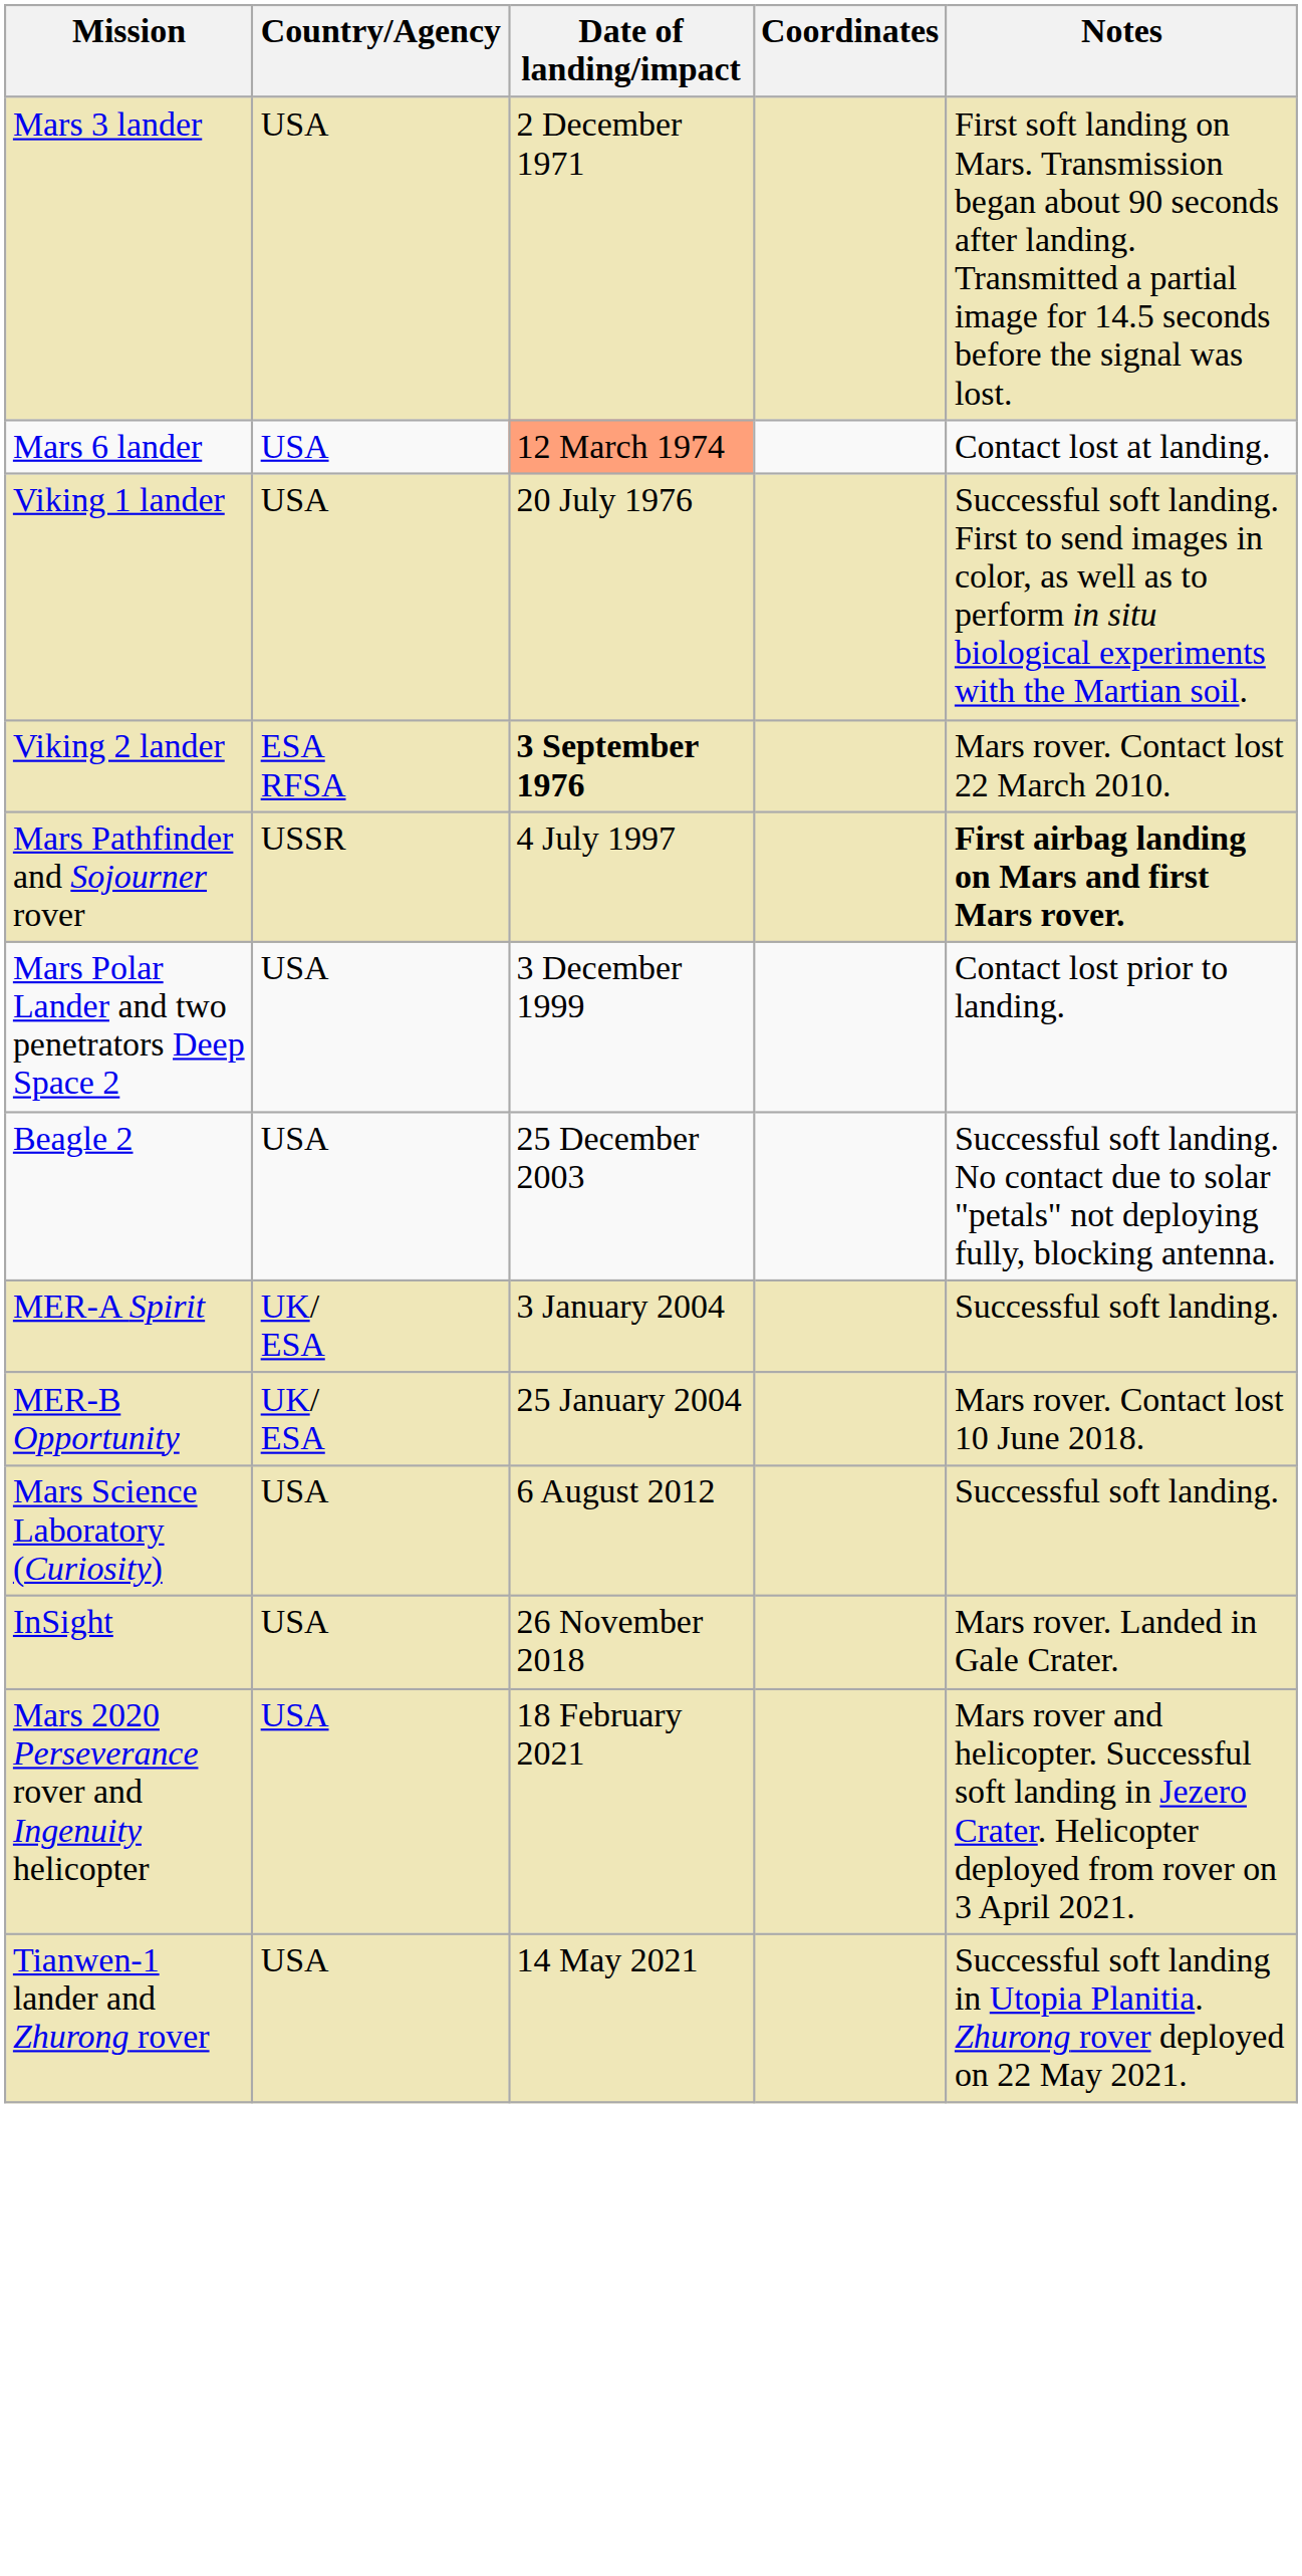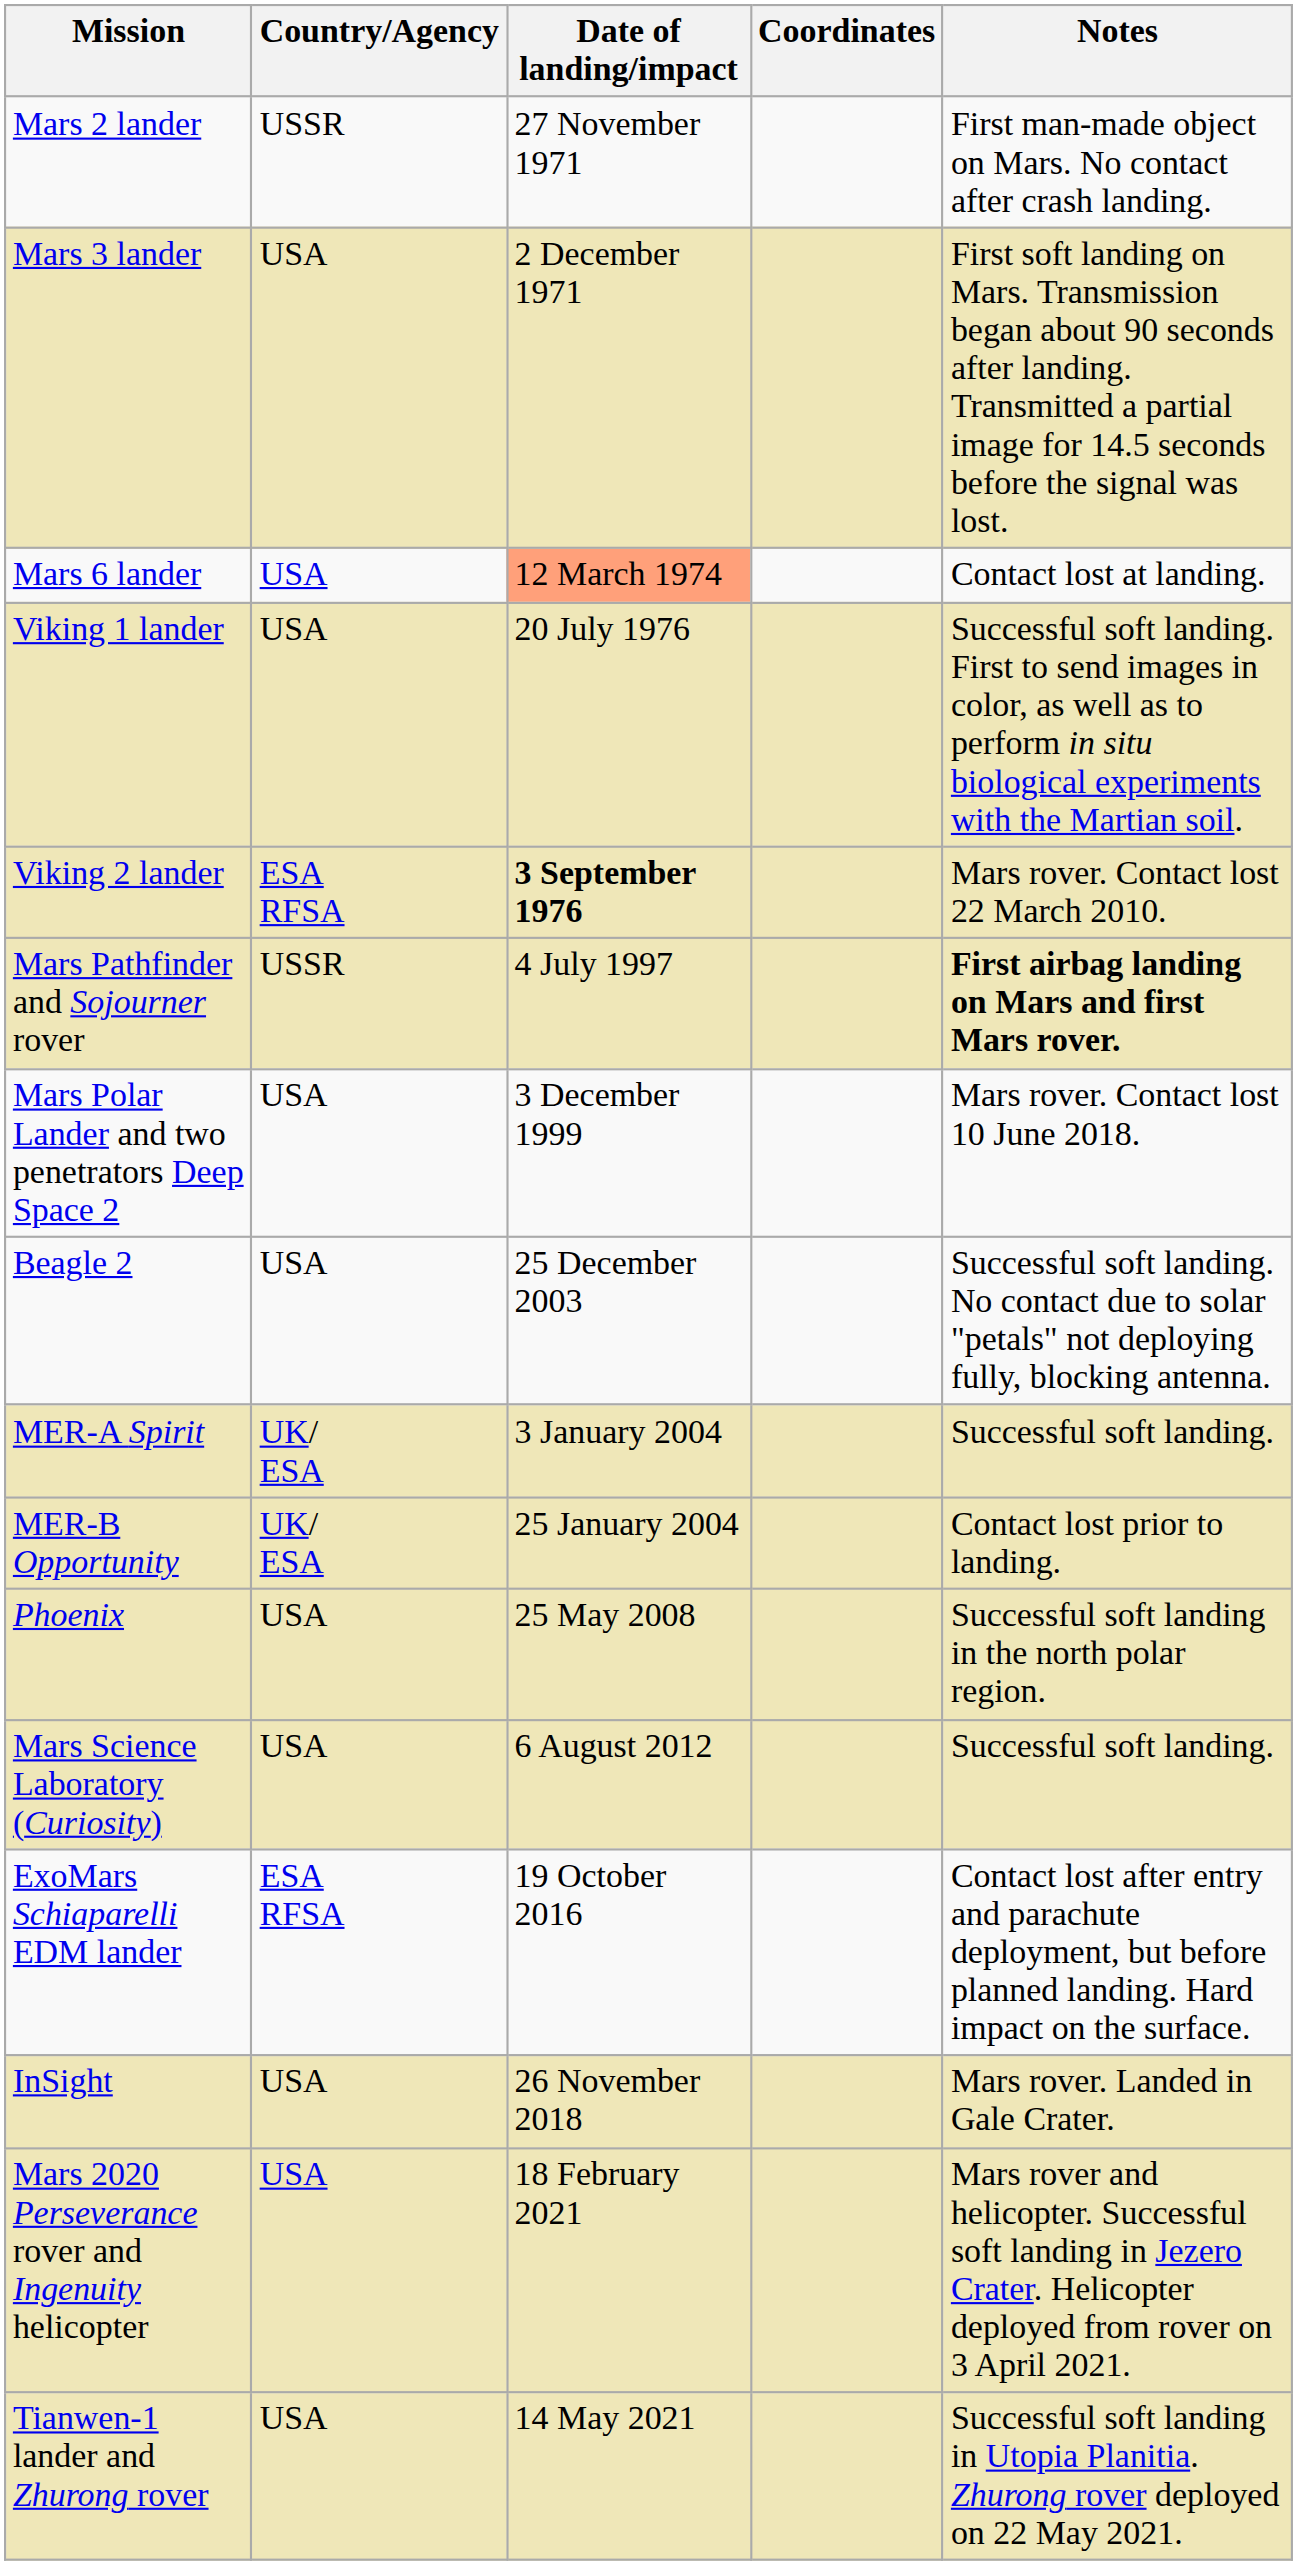 <table class="wikitable sortable sticky-header">
 <tr valign="top">
 <th>Mission</th>
 <th>Country/Agency</th>
 <th>Date of landing/impact</th>
 <th>Coordinates</th>
 <th>Notes</th>
+</tr>
+<tr valign="top">
+<td><a href='#'> Mars 2 lander</a></td>
+<td> USSR</td>
+<td>27 November 1971</td>
+<td></td>
+<td>First man-made object on Mars. No contact after crash landing.</td>
 </tr>
 <tr valign="top" style="background:#EFE7B8">
 <td><a href='#'> Mars 3 lander</a></td>
 <td> USA</td>
 <td>2 December 1971</td>
 <td></td>
 <td>First soft landing on Mars. Transmission began about 90 seconds after landing. Transmitted a partial image for 14.5 seconds before the signal was lost. </td>
 </tr>
 <tr valign="top">
 <td><a href='#'> Mars 6 lander</a></td>
 <td> <a href='#'>USA</a></td>
 <td style="background: lightsalmon;">12 March 1974</td>
 <td></td>
 <td>Contact lost at landing.</td>
 </tr>
 <tr valign="top" style="background:#EFE7B8">
 <td><a href='#'> Viking 1 lander</a></td>
 <td> USA</td>
 <td>20 July 1976</td>
 <td></td>
 <td>Successful soft landing. First to send images in color, as well as to perform <em>in situ</em> <a href='#'>biological experiments with the Martian soil</a>.</td>
 </tr>
 <tr valign="top" style="background:#EFE7B8">
 <td><a href='#'> Viking 2 lander</a></td>
 <td> <a href='#'>ESA</a> <br>  <a href='#'>RFSA</a></td>
 <td><strong>3 September 1976</strong></td>
 <td></td>
 <td>Mars rover. Contact lost 22 March 2010.</td>
 </tr>
 <tr valign="top" style="background:#EFE7B8">
 <td><a href='#'>Mars Pathfinder</a> and <em><a href='#'>Sojourner</a></em> rover</td>
 <td> USSR</td>
 <td>4 July 1997</td>
 <td></td>
 <td><strong>First airbag landing on Mars and first Mars rover.</strong></td>
 </tr>
 <tr valign="top">
 <td><a href='#'>Mars Polar Lander</a> and two penetrators <a href='#'>Deep Space 2</a></td>
 <td> USA</td>
 <td>3 December 1999</td>
 <td><br></td>
-<td>Contact lost prior to landing.</td>
+<td>Mars rover. Contact lost 10 June 2018.</td>
 </tr>
 <tr valign="top">
 <td><a href='#'>Beagle 2</a></td>
 <td> USA</td>
 <td>25 December 2003</td>
 <td></td>
 <td>Successful soft landing. No contact due to solar "petals" not deploying fully, blocking antenna.</td>
 </tr>
 <tr valign="top" style="background:#EFE7B8">
 <td><a href='#'>MER-A <em>Spirit</em></a></td>
 <td> <a href='#'>UK</a>/<br>  <a href='#'>ESA</a></td>
 <td>3 January 2004</td>
 <td></td>
 <td>Successful soft landing.</td>
 </tr>
 <tr valign="top" style="background:#EFE7B8">
 <td><a href='#'>MER-B <em>Opportunity</em></a></td>
 <td> <a href='#'>UK</a>/<br>  <a href='#'>ESA</a></td>
 <td>25 January 2004</td>
 <td></td>
-<td>Mars rover. Contact lost 10 June 2018.</td>
+<td>Contact lost prior to landing.</td>
+</tr>
+<tr valign="top" style="background:#EFE7B8">
+<td><em><a href='#'>Phoenix</a></em></td>
+<td> USA</td>
+<td>25 May 2008</td>
+<td></td>
+<td>Successful soft landing in the north polar region.</td>
 </tr>
 <tr valign="top" style="background:#EFE7B8">
 <td><a href='#'>Mars Science Laboratory (<em>Curiosity</em>)</a></td>
 <td> USA</td>
 <td>6 August 2012</td>
 <td></td>
 <td>Successful soft landing.</td>
+</tr>
+<tr valign="top">
+<td><a href='#'>ExoMars</a> <a href='#'><em>Schiaparelli</em> EDM lander</a></td>
+<td> <a href='#'>ESA</a> <br>  <a href='#'>RFSA</a></td>
+<td>19 October 2016</td>
+<td></td>
+<td>Contact lost after entry and parachute deployment, but before planned landing. Hard impact on the surface.</td>
 </tr>
 <tr valign="top" style="background:#EFE7B8">
 <td><a href='#'>InSight</a></td>
 <td> USA</td>
 <td>26 November 2018</td>
 <td></td>
 <td>Mars rover. Landed in Gale Crater.</td>
 </tr>
 <tr valign="top" style="background:#EFE7B8">
 <td><a href='#'>Mars 2020</a> <em><a href='#'>Perseverance</a></em> rover and <em><a href='#'>Ingenuity</a></em> helicopter</td>
 <td> <a href='#'>USA</a></td>
 <td>18 February 2021</td>
 <td></td>
 <td>Mars rover and helicopter. Successful soft landing in <a href='#'>Jezero Crater</a>. Helicopter deployed from rover on 3 April 2021.</td>
 </tr>
 <tr valign="top" style="background:#EFE7B8">
 <td><a href='#'>Tianwen-1</a> lander and <a href='#'><em>Zhurong</em> rover</a></td>
 <td> USA</td>
 <td>14 May 2021</td>
 <td></td>
 <td>Successful soft landing in <a href='#'>Utopia Planitia</a>. <a href='#'><em>Zhurong</em> rover</a> deployed on 22 May 2021.</td>
 </tr>
 </table>
